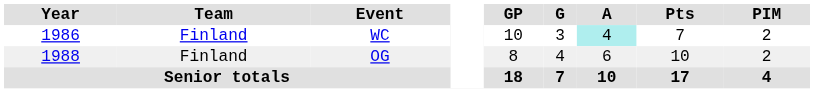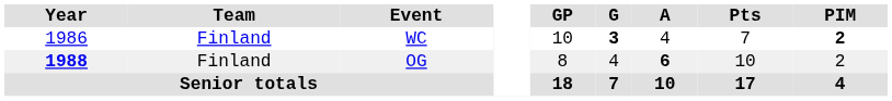 <table border="0" cellpadding="1" cellspacing="0" style="text-align:center; width:50em">
 <tr ALIGN="center" bgcolor="#e0e0e0">
 <th>Year</th>
 <th>Team</th>
 <th>Event</th>
 <th rowspan="99" bgcolor="#ffffff"> </th>
 <th>GP</th>
 <th>G</th>
 <th>A</th>
 <th>Pts</th>
 <th>PIM</th>
 </tr>
 <tr>
 <td><a href='#'>1986</a></td>
 <td><a href='#'>Finland</a></td>
 <td><a href='#'>WC</a></td>
 <td>10</td>
-<td>3</td>
-<td style="background: paleturquoise;">4</td>
+<td><strong>3</strong></td>
+<td>4</td>
 <td>7</td>
-<td>2</td>
+<td><strong>2</strong></td>
 </tr>
 <tr bgcolor="#f0f0f0">
-<td><a href='#'>1988</a></td>
+<td><strong><a href='#'>1988</a></strong></td>
 <td>Finland</td>
 <td><a href='#'>OG</a></td>
 <td>8</td>
 <td>4</td>
-<td>6</td>
+<td><strong>6</strong></td>
 <td>10</td>
 <td>2</td>
 </tr>
 <tr bgcolor="#e0e0e0">
 <th colspan=3>Senior totals</th>
 <th>18</th>
 <th>7</th>
 <th>10</th>
 <th>17</th>
 <th>4</th>
 </tr>
 </table>
